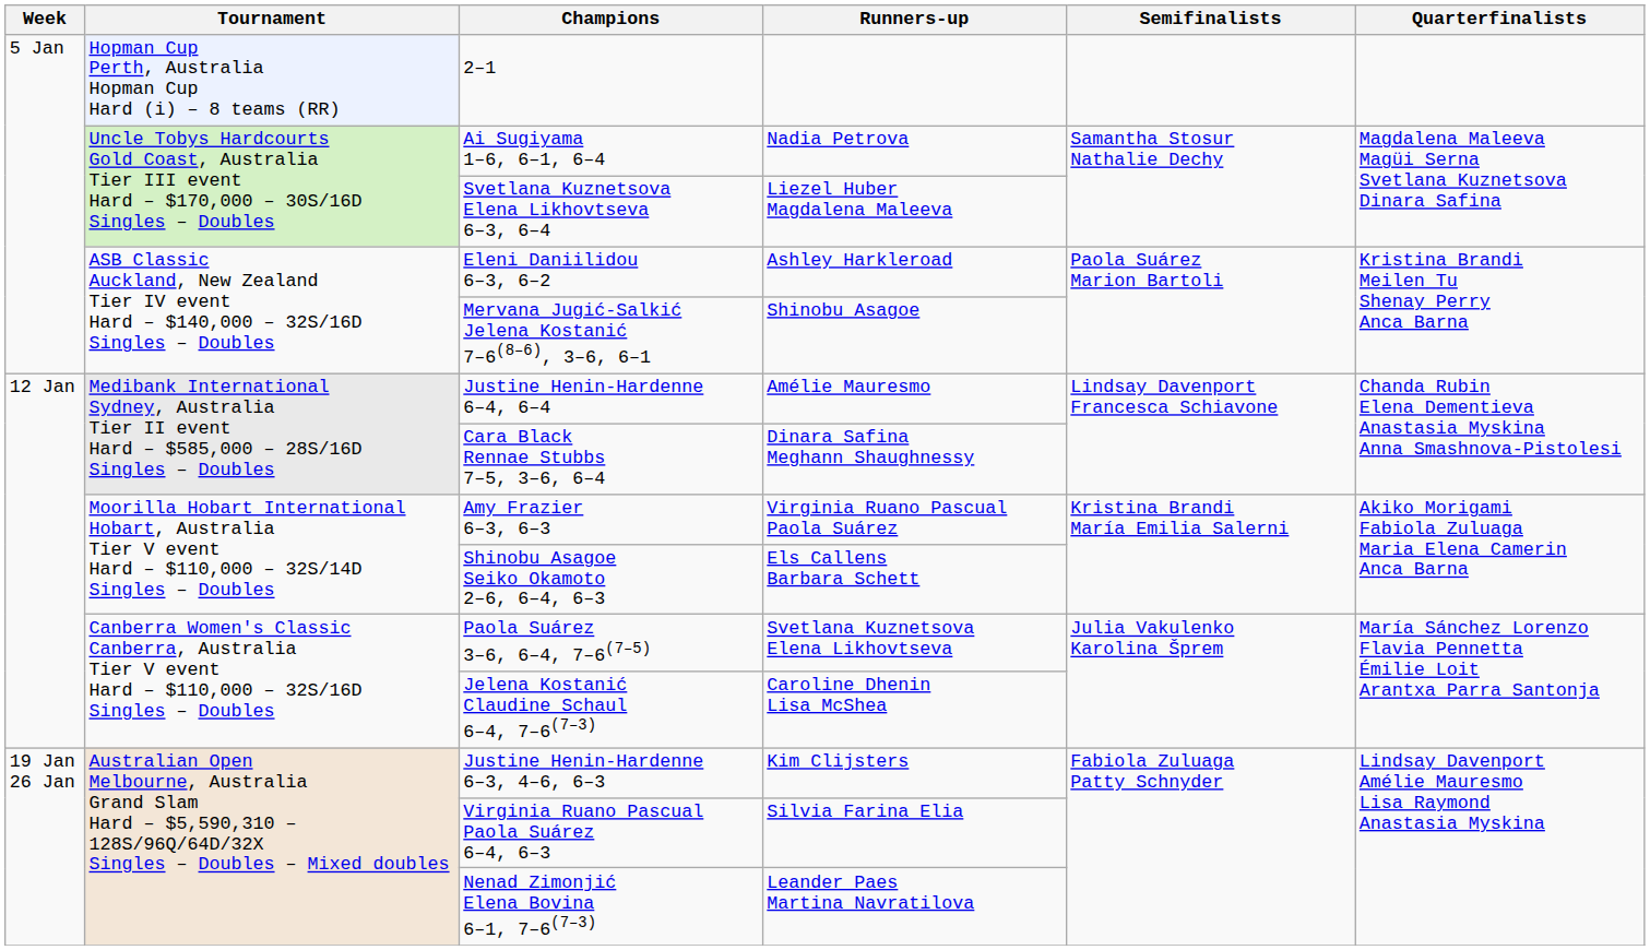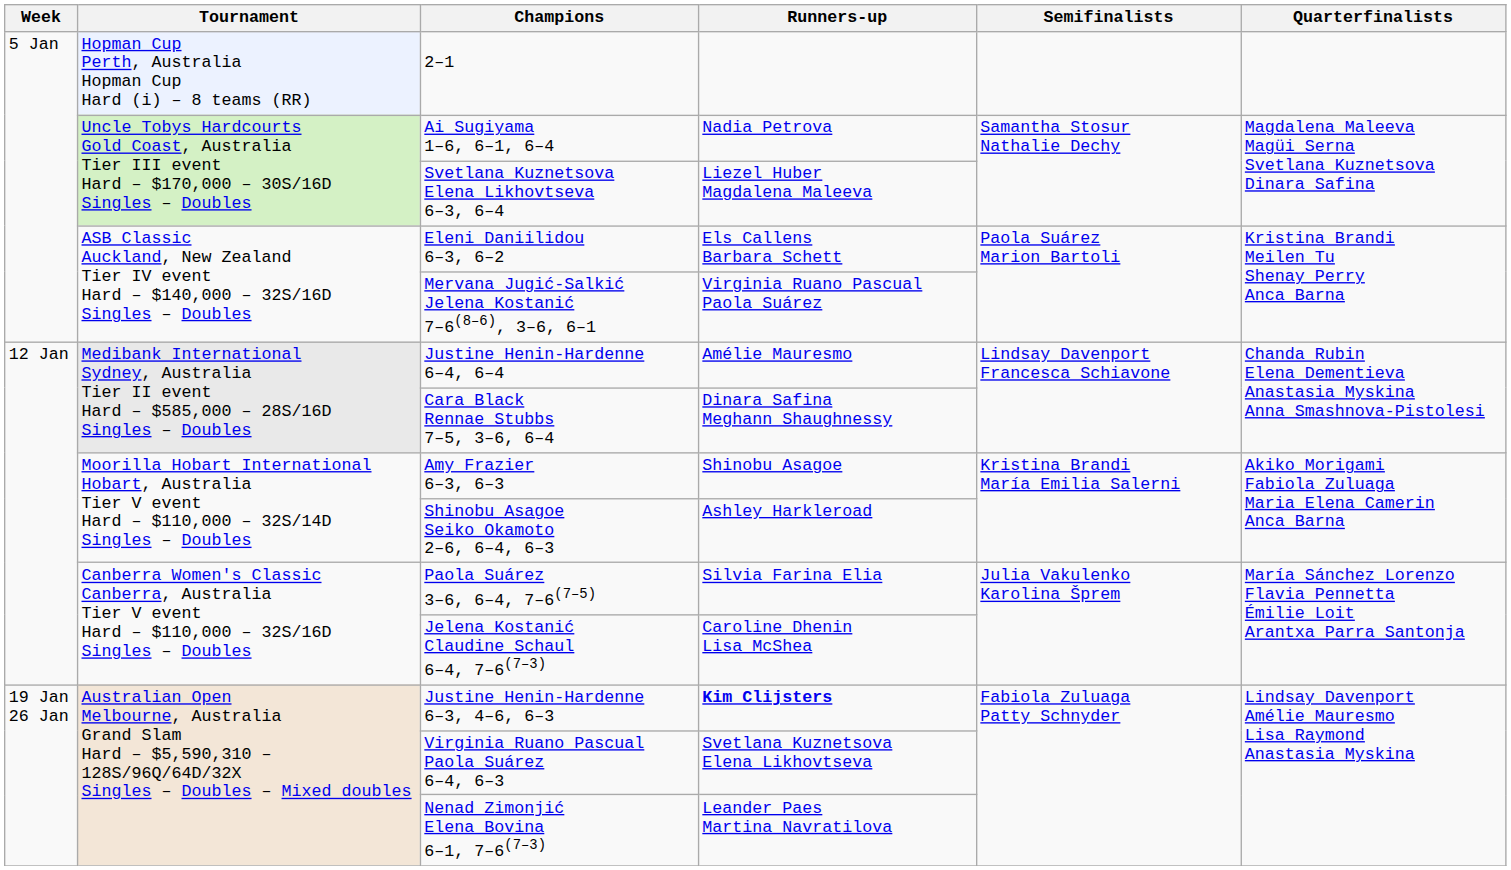 <table class=wikitable style=font-size:95%>
 <tr>
 <th style="width:48px;">Week</th>
 <th style="width:248px;">Tournament</th>
 <th style="width:200px;">Champions</th>
 <th style="width:200px;">Runners-up</th>
 <th style="width:190px;">Semifinalists</th>
 <th style="width:190px;">Quarterfinalists</th>
 </tr>
 <tr valign=top>
 <td rowspan=5>5 Jan</td>
 <td style="background:#ecf2ff;"><a href='#'>Hopman Cup</a><br><a href='#'>Perth</a>, Australia<br>Hopman Cup<br> Hard (i) – 8 teams (RR)</td>
 <td><br>2–1</td>
 <td></td>
 <td><br><br></td>
 <td><br><br></td>
 </tr>
 <tr valign="top">
 <td rowspan=2 style="background:#d4f1c5;"><a href='#'>Uncle Tobys Hardcourts</a><br>  <a href='#'>Gold Coast</a>, Australia <br>Tier III event <br> Hard – $170,000 – 30S/16D<br><a href='#'>Singles</a> – <a href='#'>Doubles</a></td>
 <td> <a href='#'>Ai Sugiyama</a> <br> 1–6, 6–1, 6–4</td>
 <td> <a href='#'>Nadia Petrova</a></td>
 <td rowspan=2> <a href='#'>Samantha Stosur</a><br> <a href='#'>Nathalie Dechy</a></td>
 <td rowspan=2> <a href='#'>Magdalena Maleeva</a>  <br>  <a href='#'>Magüi Serna</a> <br> <a href='#'>Svetlana Kuznetsova</a><br>   <a href='#'>Dinara Safina</a></td>
 </tr>
 <tr valign="top">
 <td> <a href='#'>Svetlana Kuznetsova</a> <br>  <a href='#'>Elena Likhovtseva</a><br>6–3, 6–4</td>
 <td> <a href='#'>Liezel Huber</a> <br>  <a href='#'>Magdalena Maleeva</a></td>
 </tr>
 <tr valign="top">
 <td rowspan=2><a href='#'>ASB Classic</a><br>  <a href='#'>Auckland</a>, New Zealand <br>Tier IV event<br>Hard – $140,000 – 32S/16D<br><a href='#'>Singles</a> – <a href='#'>Doubles</a></td>
 <td> <a href='#'>Eleni Daniilidou</a><br> 6–3, 6–2</td>
-<td> <a href='#'>Ashley Harkleroad</a></td>
+<td> <a href='#'>Els Callens</a> <br>  <a href='#'>Barbara Schett</a></td>
 <td rowspan=2> <a href='#'>Paola Suárez</a><br> <a href='#'>Marion Bartoli</a></td>
 <td rowspan=2> <a href='#'>Kristina Brandi</a>  <br>  <a href='#'>Meilen Tu</a> <br> <a href='#'>Shenay Perry</a><br>   <a href='#'>Anca Barna</a></td>
 </tr>
 <tr valign="top">
 <td> <a href='#'>Mervana Jugić-Salkić</a> <br>  <a href='#'>Jelena Kostanić</a><br>7–6<sup>(8–6)</sup>, 3–6, 6–1</td>
-<td> <a href='#'>Shinobu Asagoe</a></td>
+<td> <a href='#'>Virginia Ruano Pascual</a> <br>  <a href='#'>Paola Suárez</a></td>
 </tr>
 <tr valign="top">
 <td rowspan=6>12 Jan</td>
 <td rowspan=2 style="background:#e9e9e9;"><a href='#'>Medibank International</a><br> <a href='#'>Sydney</a>, Australia <br>Tier II event <br> Hard – $585,000 – 28S/16D<br><a href='#'>Singles</a> – <a href='#'>Doubles</a></td>
 <td> <a href='#'>Justine Henin-Hardenne</a> <br> 6–4, 6–4</td>
 <td> <a href='#'>Amélie Mauresmo</a></td>
 <td rowspan=2> <a href='#'>Lindsay Davenport</a><br> <a href='#'>Francesca Schiavone</a></td>
 <td rowspan=2> <a href='#'>Chanda Rubin</a>  <br>  <a href='#'>Elena Dementieva</a> <br> <a href='#'>Anastasia Myskina</a><br>   <a href='#'>Anna Smashnova-Pistolesi</a></td>
 </tr>
 <tr valign="top">
 <td> <a href='#'>Cara Black</a> <br>  <a href='#'>Rennae Stubbs</a><br>7–5, 3–6, 6–4</td>
 <td> <a href='#'>Dinara Safina</a> <br>  <a href='#'>Meghann Shaughnessy</a></td>
 </tr>
 <tr valign="top">
 <td rowspan=2><a href='#'>Moorilla Hobart International</a><br>  <a href='#'>Hobart</a>, Australia <br>Tier V event <br> Hard – $110,000 – 32S/14D<br><a href='#'>Singles</a> – <a href='#'>Doubles</a></td>
 <td> <a href='#'>Amy Frazier</a> <br> 6–3, 6–3</td>
-<td> <a href='#'>Virginia Ruano Pascual</a> <br>  <a href='#'>Paola Suárez</a></td>
+<td> <a href='#'>Shinobu Asagoe</a></td>
 <td rowspan=2> <a href='#'>Kristina Brandi</a><br> <a href='#'>María Emilia Salerni</a></td>
 <td rowspan=2> <a href='#'>Akiko Morigami</a>  <br>  <a href='#'>Fabiola Zuluaga</a> <br> <a href='#'>Maria Elena Camerin</a><br>   <a href='#'>Anca Barna</a></td>
 </tr>
 <tr valign="top">
 <td> <a href='#'>Shinobu Asagoe</a> <br>  <a href='#'>Seiko Okamoto</a><br>2–6, 6–4, 6–3</td>
-<td> <a href='#'>Els Callens</a> <br>  <a href='#'>Barbara Schett</a></td>
+<td> <a href='#'>Ashley Harkleroad</a></td>
 </tr>
 <tr valign="top">
 <td rowspan=2><a href='#'>Canberra Women's Classic</a><br> <a href='#'>Canberra</a>, Australia <br>Tier V event <br> Hard – $110,000 – 32S/16D<br><a href='#'>Singles</a> – <a href='#'>Doubles</a></td>
 <td> <a href='#'>Paola Suárez</a> <br> 3–6, 6–4, 7–6<sup>(7–5)</sup></td>
-<td> <a href='#'>Svetlana Kuznetsova</a> <br>  <a href='#'>Elena Likhovtseva</a></td>
+<td> <a href='#'>Silvia Farina Elia</a></td>
 <td rowspan=2> <a href='#'>Julia Vakulenko</a><br> <a href='#'>Karolina Šprem</a></td>
 <td rowspan=2> <a href='#'>María Sánchez Lorenzo</a>  <br>  <a href='#'>Flavia Pennetta</a> <br> <a href='#'>Émilie Loit</a><br>   <a href='#'>Arantxa Parra Santonja</a></td>
 </tr>
 <tr valign="top">
 <td> <a href='#'>Jelena Kostanić</a> <br>  <a href='#'>Claudine Schaul</a><br>6–4, 7–6<sup>(7–3)</sup></td>
 <td> <a href='#'>Caroline Dhenin</a> <br>  <a href='#'>Lisa McShea</a></td>
 </tr>
 <tr valign="top">
 <td rowspan=3>19 Jan<br>26 Jan</td>
 <td rowspan=3 bgcolor=#F3E6D7><a href='#'>Australian Open</a><br> <a href='#'>Melbourne</a>, Australia <br>Grand Slam<br>Hard – $5,590,310 – 128S/96Q/64D/32X<br><a href='#'>Singles</a> – <a href='#'>Doubles</a> – <a href='#'>Mixed doubles</a></td>
 <td> <a href='#'>Justine Henin-Hardenne</a> <br> 6–3, 4–6, 6–3</td>
-<td> <a href='#'>Kim Clijsters</a></td>
+<td><strong> <a href='#'>Kim Clijsters</a></strong></td>
 <td rowspan=3> <a href='#'>Fabiola Zuluaga</a><br> <a href='#'>Patty Schnyder</a></td>
 <td rowspan=3> <a href='#'>Lindsay Davenport</a>  <br>  <a href='#'>Amélie Mauresmo</a> <br> <a href='#'>Lisa Raymond</a><br>   <a href='#'>Anastasia Myskina</a></td>
 </tr>
 <tr valign="top">
 <td> <a href='#'>Virginia Ruano Pascual</a> <br>  <a href='#'>Paola Suárez</a><br>6–4, 6–3</td>
-<td> <a href='#'>Silvia Farina Elia</a></td>
+<td> <a href='#'>Svetlana Kuznetsova</a> <br>  <a href='#'>Elena Likhovtseva</a></td>
 </tr>
 <tr valign="top">
 <td> <a href='#'>Nenad Zimonjić</a> <br>  <a href='#'>Elena Bovina</a><br>6–1, 7–6<sup>(7–3)</sup></td>
 <td> <a href='#'>Leander Paes</a> <br>  <a href='#'>Martina Navratilova</a></td>
 </tr>
 </table>
